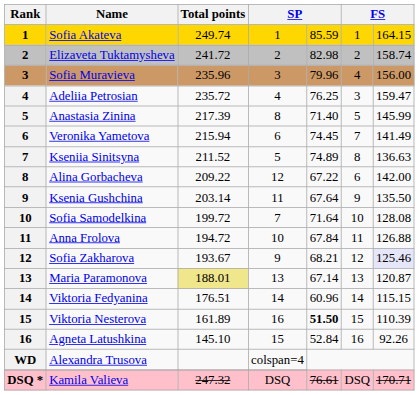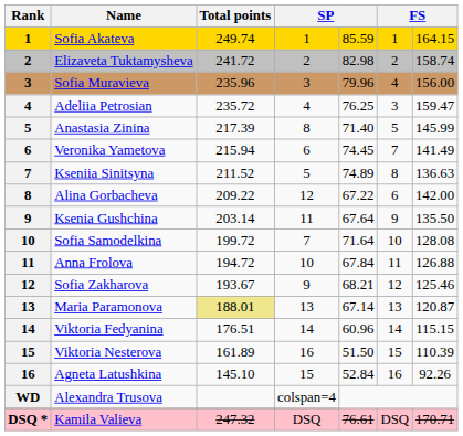 <table class="wikitable sortable">
 <tr>
 <th>Rank</th>
 <th>Name</th>
 <th>Total points</th>
 <th colspan="2" width="80px"><a href='#'>SP</a></th>
 <th colspan="2" width="80px"><a href='#'>FS</a></th>
 </tr>
 <tr bgcolor="gold">
 <td align="center"><strong>1</strong></td>
 <td><a href='#'>Sofia Akateva</a></td>
 <td align="center">249.74</td>
 <td align="center">1</td>
 <td align="center">85.59</td>
 <td align="center">1</td>
 <td align="center">164.15</td>
 </tr>
 <tr bgcolor="silver">
 <td align="center"><strong>2</strong></td>
 <td><a href='#'>Elizaveta Tuktamysheva</a></td>
 <td align="center">241.72</td>
 <td align="center">2</td>
 <td align="center">82.98</td>
 <td align="center">2</td>
 <td align="center">158.74</td>
 </tr>
 <tr bgcolor="cc9966">
 <td align="center"><strong>3</strong></td>
 <td><a href='#'>Sofia Muravieva</a></td>
 <td align="center">235.96</td>
 <td align="center">3</td>
 <td align="center">79.96</td>
 <td align="center">4</td>
 <td align="center">156.00</td>
 </tr>
 <tr>
 <th>4</th>
 <td><a href='#'>Adeliia Petrosian</a></td>
 <td align="center">235.72</td>
 <td align="center">4</td>
 <td align="center">76.25</td>
 <td align="center">3</td>
 <td align="center">159.47</td>
 </tr>
 <tr>
 <th>5</th>
 <td><a href='#'>Anastasia Zinina</a></td>
 <td align="center">217.39</td>
 <td align="center">8</td>
 <td align="center">71.40</td>
 <td align="center">5</td>
 <td align="center">145.99</td>
 </tr>
 <tr>
 <th>6</th>
 <td><a href='#'>Veronika Yametova</a></td>
 <td align="center">215.94</td>
 <td align="center">6</td>
 <td align="center">74.45</td>
 <td align="center">7</td>
 <td align="center">141.49</td>
 </tr>
 <tr>
 <th>7</th>
 <td><a href='#'>Kseniia Sinitsyna</a></td>
 <td align="center">211.52</td>
 <td align="center">5</td>
 <td align="center">74.89</td>
 <td align="center">8</td>
 <td align="center">136.63</td>
 </tr>
 <tr>
 <th>8</th>
 <td><a href='#'>Alina Gorbacheva</a></td>
 <td align="center">209.22</td>
 <td align="center">12</td>
 <td align="center">67.22</td>
 <td align="center">6</td>
 <td align="center">142.00</td>
 </tr>
 <tr>
 <th>9</th>
 <td><a href='#'>Ksenia Gushchina</a></td>
 <td align="center">203.14</td>
 <td align="center">11</td>
 <td align="center">67.64</td>
 <td align="center">9</td>
 <td align="center">135.50</td>
 </tr>
 <tr>
 <th>10</th>
 <td><a href='#'>Sofia Samodelkina</a></td>
 <td align="center">199.72</td>
 <td align="center">7</td>
 <td align="center">71.64</td>
 <td align="center">10</td>
 <td align="center">128.08</td>
 </tr>
 <tr>
 <th>11</th>
 <td><a href='#'>Anna Frolova</a></td>
 <td align="center">194.72</td>
 <td align="center">10</td>
 <td align="center">67.84</td>
 <td align="center">11</td>
 <td align="center">126.88</td>
 </tr>
 <tr>
 <th>12</th>
 <td><a href='#'>Sofia Zakharova</a></td>
 <td align="center">193.67</td>
 <td align="center">9</td>
 <td align="center">68.21</td>
 <td align="center">12</td>
-<td align="center" style="background: lavender;">125.46</td>
+<td align="center">125.46</td>
 </tr>
 <tr>
 <th>13</th>
 <td><a href='#'>Maria Paramonova</a></td>
 <td align="center" style="background: khaki;">188.01</td>
 <td align="center">13</td>
 <td align="center">67.14</td>
 <td align="center">13</td>
 <td align="center">120.87</td>
 </tr>
 <tr>
 <th>14</th>
 <td><a href='#'>Viktoria Fedyanina</a></td>
 <td align="center">176.51</td>
 <td align="center">14</td>
 <td align="center">60.96</td>
 <td align="center">14</td>
 <td align="center">115.15</td>
 </tr>
 <tr>
 <th>15</th>
 <td><a href='#'>Viktoria Nesterova</a></td>
 <td align="center">161.89</td>
 <td align="center">16</td>
-<td align="center"><strong>51.50</strong></td>
+<td align="center">51.50</td>
 <td align="center">15</td>
 <td align="center">110.39</td>
 </tr>
 <tr>
 <th>16</th>
 <td><a href='#'>Agneta Latushkina</a></td>
 <td align="center">145.10</td>
 <td align="center">15</td>
 <td align="center">52.84</td>
 <td align="center">16</td>
 <td align="center">92.26</td>
 </tr>
 <tr>
 <th>WD</th>
 <td><a href='#'>Alexandra Trusova</a></td>
 <td></td>
 <td>colspan=4 </td>
 </tr>
 <tr>
 </tr>
 <tr bgcolor=pink>
 <td align="center" bgcolor=pink><strong>DSQ *</strong></td>
 <td><a href='#'>Kamila Valieva</a></td>
 <td align="center"><s>247.32</s></td>
 <td align="center">DSQ</td>
 <td align="center"><s>76.61</s></td>
 <td align="center">DSQ</td>
 <td align="center"><s>170.71</s></td>
 </tr>
 </table>
